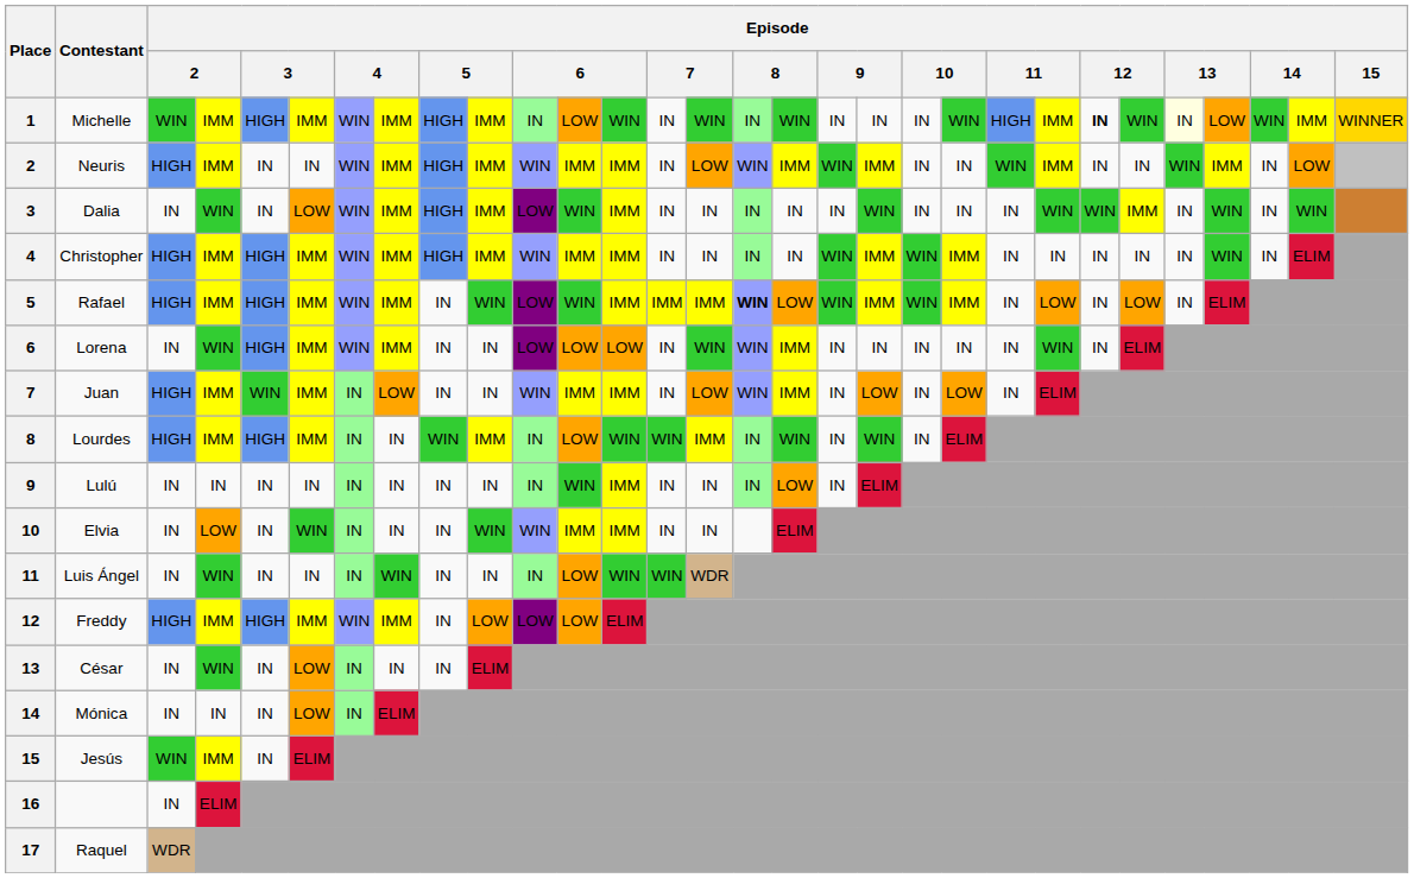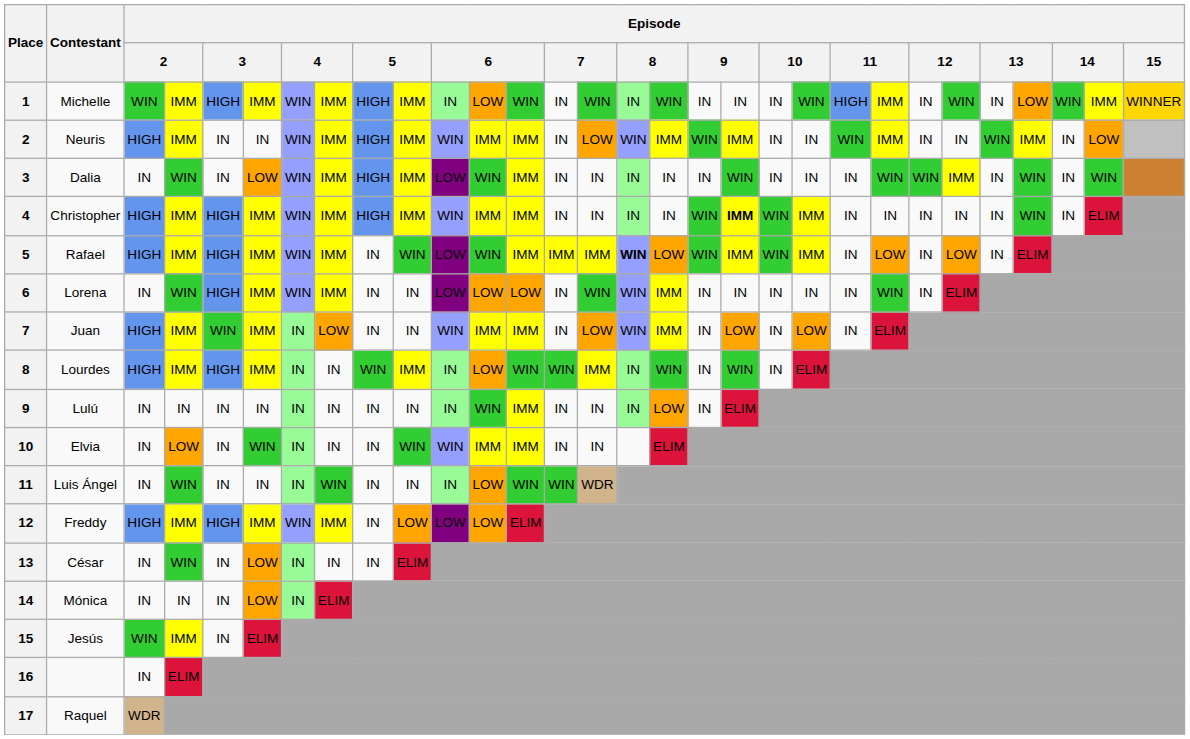 <table class="wikitable" style="text-align: center; font-size: 8pt; line-height:25px;">
 <tr>
 <th rowspan="2">Place</th>
 <th rowspan="2">Contestant</th>
 <th colspan="28">Episode</th>
 </tr>
 <tr>
 <th colspan="2">2</th>
 <th colspan="2">3</th>
 <th colspan="2">4</th>
 <th colspan="2">5</th>
 <th colspan="3">6</th>
 <th colspan="2">7</th>
 <th colspan="2">8</th>
 <th colspan="2">9</th>
 <th colspan="2">10</th>
 <th colspan="2">11</th>
 <th colspan="2">12</th>
 <th colspan="2">13</th>
 <th colspan="2">14</th>
 <th>15</th>
 </tr>
 <tr>
 <th>1</th>
 <td>Michelle</td>
 <td style="background:limegreen;">WIN</td>
 <td style="background:yellow;">IMM</td>
 <td style="background:cornflowerblue;">HIGH</td>
 <td style="background:yellow;">IMM</td>
 <td style="background:#959FFD;">WIN</td>
 <td style="background:yellow;">IMM</td>
 <td style="background:cornflowerblue;">HIGH</td>
 <td style="background:yellow;">IMM</td>
 <td style="background:palegreen;">IN</td>
 <td style="background:orange;">LOW</td>
 <td style="background:limegreen;">WIN</td>
 <td>IN</td>
 <td style="background:limegreen;">WIN</td>
 <td style="background:palegreen;">IN</td>
 <td style="background:limegreen;">WIN</td>
 <td>IN</td>
 <td>IN</td>
 <td>IN</td>
 <td style="background:limegreen;">WIN</td>
 <td style="background:cornflowerblue;">HIGH</td>
 <td style="background:yellow;">IMM</td>
-<td><strong>IN</strong></td>
+<td>IN</td>
 <td style="background:limegreen;">WIN</td>
-<td style="background: lightyellow;">IN</td>
+<td>IN</td>
 <td style="background:orange;">LOW</td>
 <td style="background:limegreen;">WIN</td>
 <td style="background:yellow;">IMM</td>
 <td style="background:gold;">WINNER</td>
 </tr>
 <tr>
 <th>2</th>
 <td>Neuris</td>
 <td style="background:cornflowerblue;">HIGH</td>
 <td style="background:yellow;">IMM</td>
 <td>IN</td>
 <td>IN</td>
 <td style="background:#959FFD;">WIN</td>
 <td style="background:yellow;">IMM</td>
 <td style="background:cornflowerblue;">HIGH</td>
 <td style="background:yellow;">IMM</td>
 <td style="background:#959FFD;">WIN</td>
 <td style="background:yellow;">IMM</td>
 <td style="background:yellow;">IMM</td>
 <td>IN</td>
 <td style="background:orange;">LOW</td>
 <td style="background:#959FFD;">WIN</td>
 <td style="background:yellow;">IMM</td>
 <td style="background:limegreen;">WIN</td>
 <td style="background:yellow;">IMM</td>
 <td>IN</td>
 <td>IN</td>
 <td style="background:limegreen;">WIN</td>
 <td style="background:yellow;">IMM</td>
 <td>IN</td>
 <td>IN</td>
 <td style="background:limegreen;">WIN</td>
 <td style="background:yellow;">IMM</td>
 <td>IN</td>
 <td style="background:orange;">LOW</td>
 <td style="background:silver;"></td>
 </tr>
 <tr>
 <th>3</th>
 <td>Dalia</td>
 <td>IN</td>
 <td style="background:limegreen;">WIN</td>
 <td>IN</td>
 <td style="background:orange;">LOW</td>
 <td style="background:#959FFD;">WIN</td>
 <td style="background:yellow;">IMM</td>
 <td style="background:cornflowerblue;">HIGH</td>
 <td style="background:yellow;">IMM</td>
 <td style="background:purple;">LOW</td>
 <td style="background:limegreen;">WIN</td>
 <td style="background:yellow;">IMM</td>
 <td>IN</td>
 <td>IN</td>
 <td style="background:palegreen;">IN</td>
 <td>IN</td>
 <td>IN</td>
 <td style="background:limegreen;">WIN</td>
 <td>IN</td>
 <td>IN</td>
 <td>IN</td>
 <td style="background:limegreen;">WIN</td>
 <td style="background:limegreen;">WIN</td>
 <td style="background:yellow;">IMM</td>
 <td>IN</td>
 <td style="background:limegreen;">WIN</td>
 <td>IN</td>
 <td style="background:limegreen;">WIN</td>
 <td style="background:#CD7F32;"></td>
 </tr>
 <tr>
 <th>4</th>
 <td>Christopher</td>
 <td style="background:cornflowerblue;">HIGH</td>
 <td style="background:yellow;">IMM</td>
 <td style="background:cornflowerblue;">HIGH</td>
 <td style="background:yellow;">IMM</td>
 <td style="background:#959FFD;">WIN</td>
 <td style="background:yellow;">IMM</td>
 <td style="background:cornflowerblue;">HIGH</td>
 <td style="background:yellow;">IMM</td>
 <td style="background:#959FFD;">WIN</td>
 <td style="background:yellow;">IMM</td>
 <td style="background:yellow;">IMM</td>
 <td>IN</td>
 <td>IN</td>
 <td style="background:palegreen;">IN</td>
 <td>IN</td>
 <td style="background:limegreen;">WIN</td>
-<td style="background:yellow;">IMM</td>
+<td style="background:yellow;"><strong>IMM</strong></td>
 <td style="background:limegreen;">WIN</td>
 <td style="background:yellow;">IMM</td>
 <td>IN</td>
 <td>IN</td>
 <td>IN</td>
 <td>IN</td>
 <td>IN</td>
 <td style="background:limegreen;">WIN</td>
 <td>IN</td>
 <td style="background:crimson;">ELIM</td>
 <td style="background:darkgrey;" colspan="1"></td>
 </tr>
 <tr>
 <th>5</th>
 <td>Rafael</td>
 <td style="background:cornflowerblue;">HIGH</td>
 <td style="background:yellow;">IMM</td>
 <td style="background:cornflowerblue;">HIGH</td>
 <td style="background:yellow;">IMM</td>
 <td style="background:#959FFD;">WIN</td>
 <td style="background:yellow;">IMM</td>
 <td>IN</td>
 <td style="background:limegreen;">WIN</td>
 <td style="background:purple;">LOW</td>
 <td style="background:limegreen;">WIN</td>
 <td style="background:yellow;">IMM</td>
 <td style="background:yellow;">IMM</td>
 <td style="background:yellow;">IMM</td>
 <td style="background:#959FFD;"><strong>WIN</strong></td>
 <td style="background:orange;">LOW</td>
 <td style="background:limegreen;">WIN</td>
 <td style="background:yellow;">IMM</td>
 <td style="background:limegreen;">WIN</td>
 <td style="background:yellow;">IMM</td>
 <td>IN</td>
 <td style="background:orange;">LOW</td>
 <td>IN</td>
 <td style="background:orange;">LOW</td>
 <td>IN</td>
 <td style="background:crimson;">ELIM</td>
 <td style="background:darkgrey;" colspan="3"></td>
 </tr>
 <tr>
 <th>6</th>
 <td>Lorena</td>
 <td>IN</td>
 <td style="background:limegreen;">WIN</td>
 <td style="background:cornflowerblue;">HIGH</td>
 <td style="background:yellow;">IMM</td>
 <td style="background:#959FFD;">WIN</td>
 <td style="background:yellow;">IMM</td>
 <td>IN</td>
 <td>IN</td>
 <td style="background:purple;">LOW</td>
 <td style="background:orange;">LOW</td>
 <td style="background:orange;">LOW</td>
 <td>IN</td>
 <td style="background:limegreen;">WIN</td>
 <td style="background:#959FFD;">WIN</td>
 <td style="background:yellow;">IMM</td>
 <td>IN</td>
 <td>IN</td>
 <td>IN</td>
 <td>IN</td>
 <td>IN</td>
 <td style="background:limegreen;">WIN</td>
 <td>IN</td>
 <td style="background:crimson;">ELIM</td>
 <td style="background:darkgrey;" colspan="5"></td>
 </tr>
 <tr>
 <th>7</th>
 <td>Juan</td>
 <td style="background:cornflowerblue;">HIGH</td>
 <td style="background:yellow;">IMM</td>
 <td style="background:limegreen;">WIN</td>
 <td style="background:yellow;">IMM</td>
 <td style="background:palegreen;">IN</td>
 <td style="background:orange;">LOW</td>
 <td>IN</td>
 <td>IN</td>
 <td style="background:#959FFD;">WIN</td>
 <td style="background:yellow;">IMM</td>
 <td style="background:yellow;">IMM</td>
 <td>IN</td>
 <td style="background:orange;">LOW</td>
 <td style="background:#959FFD;">WIN</td>
 <td style="background:yellow;">IMM</td>
 <td>IN</td>
 <td style="background:orange;">LOW</td>
 <td>IN</td>
 <td style="background:orange;">LOW</td>
 <td>IN</td>
 <td style="background:crimson;">ELIM</td>
 <td style="background:darkgrey;" colspan="7"></td>
 </tr>
 <tr>
 <th>8</th>
 <td>Lourdes</td>
 <td style="background:cornflowerblue;">HIGH</td>
 <td style="background:yellow;">IMM</td>
 <td style="background:cornflowerblue;">HIGH</td>
 <td style="background:yellow;">IMM</td>
 <td style="background:palegreen;">IN</td>
 <td>IN</td>
 <td style="background:limegreen;">WIN</td>
 <td style="background:yellow;">IMM</td>
 <td style="background:palegreen;">IN</td>
 <td style="background:orange;">LOW</td>
 <td style="background:limegreen;">WIN</td>
 <td style="background:limegreen;">WIN</td>
 <td style="background:yellow;">IMM</td>
 <td style="background:palegreen;">IN</td>
 <td style="background:limegreen;">WIN</td>
 <td>IN</td>
 <td style="background:limegreen;">WIN</td>
 <td>IN</td>
 <td style="background:crimson;">ELIM</td>
 <td style="background:darkgrey;" colspan="9"></td>
 </tr>
 <tr>
 <th>9</th>
 <td>Lulú</td>
 <td>IN</td>
 <td>IN</td>
 <td>IN</td>
 <td>IN</td>
 <td style="background:palegreen;">IN</td>
 <td>IN</td>
 <td>IN</td>
 <td>IN</td>
 <td style="background:palegreen;">IN</td>
 <td style="background:limegreen;">WIN</td>
 <td style="background:yellow;">IMM</td>
 <td>IN</td>
 <td>IN</td>
 <td style="background:palegreen;">IN</td>
 <td style="background:orange;">LOW</td>
 <td>IN</td>
 <td style="background:crimson;">ELIM</td>
 <td style="background:darkgrey;" colspan="11"></td>
 </tr>
 <tr>
 <th>10</th>
 <td>Elvia</td>
 <td>IN</td>
 <td style="background:orange;">LOW</td>
 <td>IN</td>
 <td style="background:limegreen;">WIN</td>
 <td style="background:palegreen;">IN</td>
 <td>IN</td>
 <td>IN</td>
 <td style="background:limegreen;">WIN</td>
 <td style="background:#959FFD;">WIN</td>
 <td style="background:yellow;">IMM</td>
 <td style="background:yellow;">IMM</td>
 <td>IN</td>
 <td>IN</td>
 <td></td>
 <td style="background:crimson;">ELIM</td>
 <td style="background:darkgrey;" colspan="13"></td>
 </tr>
 <tr>
 <th>11</th>
 <td>Luis Ángel</td>
 <td>IN</td>
 <td style="background:limegreen;">WIN</td>
 <td>IN</td>
 <td>IN</td>
 <td style="background:palegreen;">IN</td>
 <td style="background:limegreen;">WIN</td>
 <td>IN</td>
 <td>IN</td>
 <td style="background:palegreen;">IN</td>
 <td style="background:orange;">LOW</td>
 <td style="background:limegreen;">WIN</td>
 <td style="background:limegreen;">WIN</td>
 <td style="background:tan;">WDR</td>
 <td style="background:darkgrey;" colspan="15"></td>
 </tr>
 <tr>
 <th>12</th>
 <td>Freddy</td>
 <td style="background:cornflowerblue;">HIGH</td>
 <td style="background:yellow;">IMM</td>
 <td style="background:cornflowerblue;">HIGH</td>
 <td style="background:yellow;">IMM</td>
 <td style="background:#959FFD;">WIN</td>
 <td style="background:yellow;">IMM</td>
 <td>IN</td>
 <td style="background:orange;">LOW</td>
 <td style="background:purple;">LOW</td>
 <td style="background:orange;">LOW</td>
 <td style="background:crimson;">ELIM</td>
 <td style="background:darkgrey;" colspan="17"></td>
 </tr>
 <tr>
 <th>13</th>
 <td>César</td>
 <td>IN</td>
 <td style="background:limegreen;">WIN</td>
 <td>IN</td>
 <td style="background:orange;">LOW</td>
 <td style="background:palegreen;">IN</td>
 <td>IN</td>
 <td>IN</td>
 <td style="background:crimson;">ELIM</td>
 <td style="background:darkgrey;" colspan="20"></td>
 </tr>
 <tr>
 <th>14</th>
 <td>Mónica</td>
 <td>IN</td>
 <td>IN</td>
 <td>IN</td>
 <td style="background:orange;">LOW</td>
 <td style="background:palegreen;">IN</td>
 <td style="background:crimson;">ELIM</td>
 <td style="background:darkgrey;" colspan="22"></td>
 </tr>
 <tr>
 <th>15</th>
 <td>Jesús</td>
 <td style="background:limegreen;">WIN</td>
 <td style="background:yellow;">IMM</td>
 <td>IN</td>
 <td style="background:crimson;">ELIM</td>
 <td style="background:darkgrey;" colspan="24"></td>
 </tr>
 <tr>
 <th>16</th>
 <td></td>
 <td>IN</td>
 <td style="background:crimson;">ELIM</td>
 <td style="background:darkgrey;" colspan="26"></td>
 </tr>
 <tr>
 <th>17</th>
 <td>Raquel</td>
 <td style="background:tan;">WDR</td>
 <td style="background:darkgrey;" colspan="27"></td>
 </tr>
 </table>
